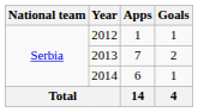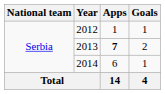 <table class="wikitable" style="text-align:center">
 <tr>
 <th>National team</th>
 <th>Year</th>
 <th>Apps</th>
 <th>Goals</th>
 </tr>
 <tr>
 <td rowspan="3"><a href='#'>Serbia</a></td>
 <td>2012</td>
 <td>1</td>
 <td>1</td>
 </tr>
 <tr>
 <td>2013</td>
-<td>7</td>
+<td><strong>7</strong></td>
 <td>2</td>
 </tr>
 <tr>
 <td>2014</td>
 <td>6</td>
 <td>1</td>
 </tr>
 <tr>
 <th colspan="2">Total</th>
 <th>14</th>
 <th>4</th>
 </tr>
 </table>
